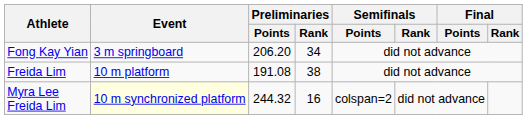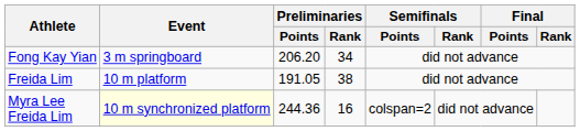 <table class=wikitable style="font-size:90%;">
 <tr>
 <th rowspan="2">Athlete</th>
 <th rowspan="2">Event</th>
 <th colspan="2">Preliminaries</th>
 <th colspan="2">Semifinals</th>
 <th colspan="2">Final</th>
 </tr>
 <tr style="font-size:95%">
 <th>Points</th>
 <th>Rank</th>
 <th>Points</th>
 <th>Rank</th>
 <th>Points</th>
 <th>Rank</th>
 </tr>
 <tr align=center>
 <td align=left><a href='#'>Fong Kay Yian</a></td>
 <td align=left><a href='#'>3 m springboard</a></td>
 <td>206.20</td>
 <td>34</td>
 <td colspan=4>did not advance</td>
 </tr>
 <tr align=center>
 <td align=left><a href='#'>Freida Lim</a></td>
 <td align=left><a href='#'>10 m platform</a></td>
-<td>191.08</td>
+<td>191.05</td>
 <td>38</td>
 <td colspan=4>did not advance</td>
 </tr>
 <tr align=center>
 <td align=left><a href='#'>Myra Lee</a><br><a href='#'>Freida Lim</a></td>
 <td align=left style="background: lightyellow;"><a href='#'>10 m synchronized platform</a></td>
-<td>244.32</td>
+<td>244.36</td>
 <td>16</td>
 <td>colspan=2 </td>
 <td colspan=2>did not advance</td>
 </tr>
 </table>
